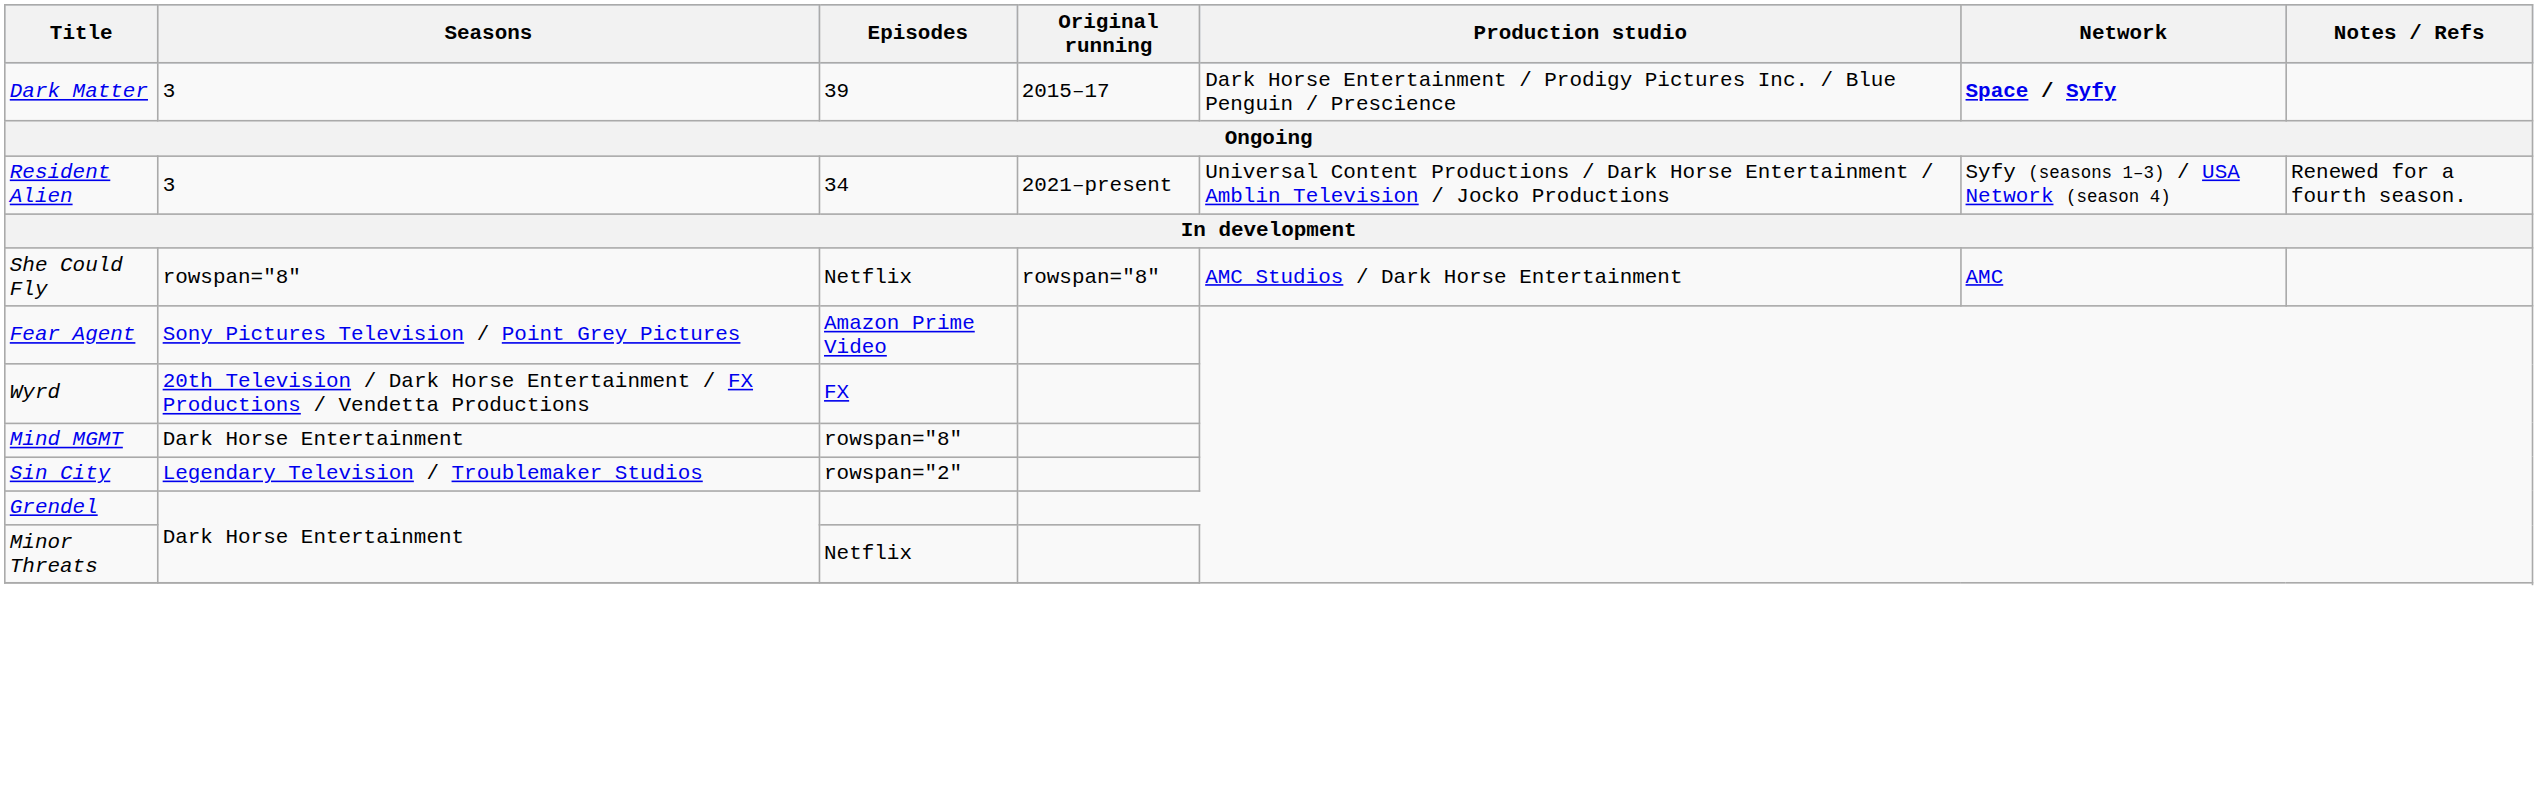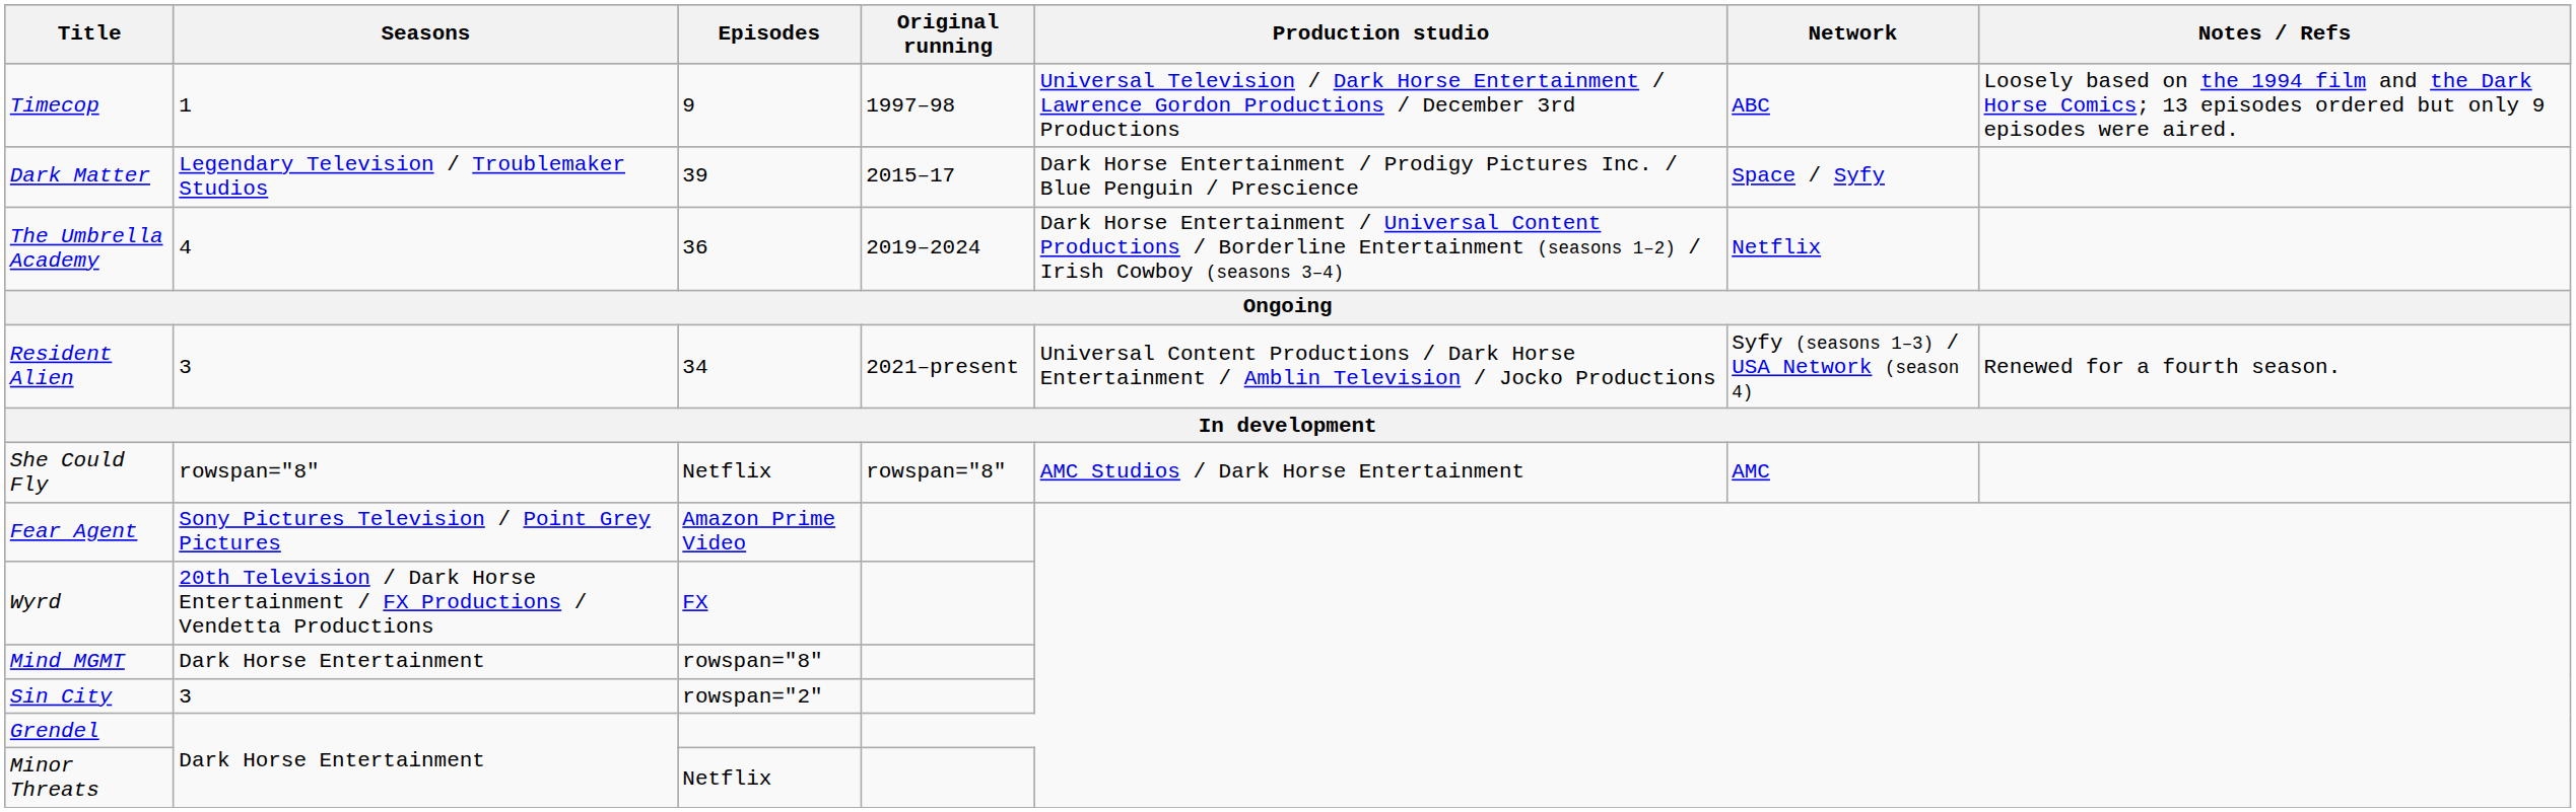 <table class="wikitable sortable">
 <tr style="background:#b0c4de;">
 <th>Title</th>
 <th>Seasons</th>
 <th>Episodes</th>
 <th>Original running</th>
 <th>Production studio</th>
 <th>Network</th>
 <th>Notes / Refs</th>
 </tr>
 <tr>
+<td><em><a href='#'>Timecop</a></em></td>
+<td>1</td>
+<td>9</td>
+<td>1997–98</td>
+<td><a href='#'>Universal Television</a> / <a href='#'>Dark Horse Entertainment</a> / <a href='#'>Lawrence Gordon Productions</a> / December 3rd Productions</td>
+<td><a href='#'>ABC</a></td>
+<td>Loosely based on <a href='#'>the 1994 film</a> and <a href='#'>the Dark Horse Comics</a>; 13 episodes ordered but only 9 episodes were aired.</td>
+</tr>
+<tr>
 <td><em><a href='#'>Dark Matter</a></em></td>
-<td>3</td>
+<td><a href='#'>Legendary Television</a> / <a href='#'>Troublemaker Studios</a></td>
 <td>39</td>
 <td>2015–17</td>
 <td>Dark Horse Entertainment / Prodigy Pictures Inc. / Blue Penguin / Prescience</td>
-<td><strong><a href='#'>Space</a> / <a href='#'>Syfy</a></strong></td>
+<td><a href='#'>Space</a> / <a href='#'>Syfy</a></td>
+<td></td>
+</tr>
+<tr>
+<td><em><a href='#'>The Umbrella Academy</a></em></td>
+<td>4</td>
+<td>36</td>
+<td>2019–2024</td>
+<td>Dark Horse Entertainment / <a href='#'>Universal Content Productions</a> / Borderline Entertainment <small>(seasons 1–2)</small> / Irish Cowboy <small>(seasons 3–4)</small></td>
+<td><a href='#'>Netflix</a></td>
 <td></td>
 </tr>
 <tr>
 <th colspan="7">Ongoing</th>
 </tr>
 <tr>
 <td><em><a href='#'>Resident Alien</a></em></td>
 <td>3</td>
 <td>34</td>
 <td>2021–present</td>
 <td>Universal Content Productions / Dark Horse Entertainment / <a href='#'>Amblin Television</a> / Jocko Productions</td>
 <td>Syfy <small>(seasons 1–3)</small> / <a href='#'>USA Network</a> <small>(season 4)</small></td>
 <td>Renewed for a fourth season.</td>
 </tr>
 <tr>
 <th colspan="7">In development</th>
 </tr>
 <tr>
 <td><em>She Could Fly</em></td>
 <td>rowspan="8" </td>
 <td>Netflix</td>
 <td>rowspan="8" </td>
 <td><a href='#'>AMC Studios</a> / Dark Horse Entertainment</td>
 <td><a href='#'>AMC</a></td>
 <td></td>
 </tr>
 <tr>
 <td><em><a href='#'>Fear Agent</a></em></td>
 <td><a href='#'>Sony Pictures Television</a> / <a href='#'>Point Grey Pictures</a></td>
 <td><a href='#'>Amazon Prime Video</a></td>
 <td></td>
 </tr>
 <tr>
 <td><em>Wyrd</em></td>
 <td><a href='#'>20th Television</a> / Dark Horse Entertainment / <a href='#'>FX Productions</a> / Vendetta Productions</td>
 <td><a href='#'>FX</a></td>
 <td></td>
 </tr>
 <tr>
 <td><em><a href='#'>Mind MGMT</a></em></td>
 <td>Dark Horse Entertainment</td>
 <td>rowspan="8" </td>
 <td></td>
 </tr>
 <tr>
 <td><em><a href='#'>Sin City</a></em></td>
-<td><a href='#'>Legendary Television</a> / <a href='#'>Troublemaker Studios</a></td>
+<td>3</td>
 <td>rowspan="2" </td>
 <td></td>
 </tr>
 <tr>
 <td><em><a href='#'>Grendel</a></em></td>
 <td rowspan="2">Dark Horse Entertainment</td>
 <td></td>
 </tr>
 <tr>
 <td><em>Minor Threats</em></td>
 <td>Netflix</td>
 <td></td>
 </tr>
 <tr>
 </tr>
 </table>
